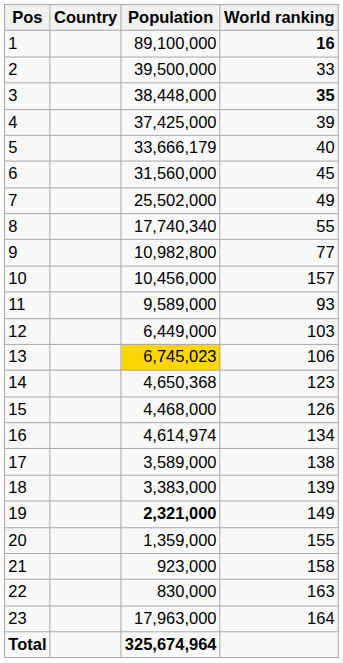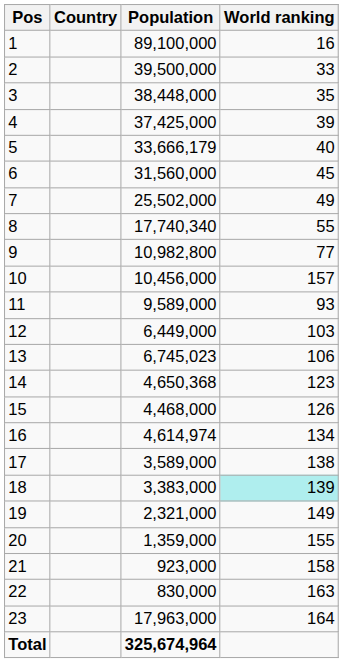 <table class="wikitable sortable" style="text-align:right">
 <tr>
 <th>Pos</th>
 <th>Country</th>
 <th>Population</th>
 <th>World ranking</th>
 </tr>
 <tr>
 <td style="text-align:left;">1</td>
 <td style="text-align:left;"></td>
 <td>89,100,000</td>
-<td style="text-align:right;"><strong>16</strong></td>
+<td style="text-align:right;">16</td>
 </tr>
 <tr>
 <td style="text-align:left;">2</td>
 <td style="text-align:left;"></td>
 <td>39,500,000</td>
 <td style="text-align:right;">33</td>
 </tr>
 <tr>
 <td style="text-align:left;">3</td>
 <td style="text-align:left;"></td>
 <td>38,448,000</td>
-<td style="text-align:right;"><strong>35</strong></td>
+<td style="text-align:right;">35</td>
 </tr>
 <tr>
 <td style="text-align:left;">4</td>
 <td style="text-align:left;"></td>
 <td>37,425,000</td>
 <td style="text-align:right;">39</td>
 </tr>
 <tr>
 <td style="text-align:left;">5</td>
 <td style="text-align:left;"></td>
 <td>33,666,179</td>
 <td style="text-align:right;">40</td>
 </tr>
 <tr>
 <td style="text-align:left;">6</td>
 <td style="text-align:left;"></td>
 <td>31,560,000</td>
 <td style="text-align:right;">45</td>
 </tr>
 <tr>
 <td style="text-align:left;">7</td>
 <td style="text-align:left;"></td>
 <td>25,502,000</td>
 <td style="text-align:right;">49</td>
 </tr>
 <tr>
 <td style="text-align:left;">8</td>
 <td style="text-align:left;"></td>
 <td>17,740,340</td>
 <td style="text-align:right;">55</td>
 </tr>
 <tr>
 <td style="text-align:left;">9</td>
 <td style="text-align:left;"></td>
 <td>10,982,800</td>
 <td style="text-align:right;">77</td>
 </tr>
 <tr>
 <td style="text-align:left;">10</td>
 <td style="text-align:left;"></td>
 <td>10,456,000</td>
 <td style="text-align:right;">157</td>
 </tr>
 <tr>
 <td style="text-align:left;">11</td>
 <td style="text-align:left;"></td>
 <td>9,589,000</td>
 <td style="text-align:right;">93</td>
 </tr>
 <tr>
 <td style="text-align:left;">12</td>
 <td style="text-align:left;"></td>
 <td>6,449,000</td>
 <td style="text-align:right;">103</td>
 </tr>
 <tr>
 <td style="text-align:left;">13</td>
 <td style="text-align:left;"></td>
-<td style="background: gold;">6,745,023</td>
+<td>6,745,023</td>
 <td style="text-align:right;">106</td>
 </tr>
 <tr>
 <td style="text-align:left;">14</td>
 <td style="text-align:left;"></td>
 <td>4,650,368</td>
 <td style="text-align:right;">123</td>
 </tr>
 <tr>
 <td style="text-align:left;">15</td>
 <td style="text-align:left;"></td>
 <td>4,468,000</td>
 <td style="text-align:right;">126</td>
 </tr>
 <tr>
 <td style="text-align:left;">16</td>
 <td style="text-align:left;"></td>
 <td>4,614,974</td>
 <td style="text-align:right;">134</td>
 </tr>
 <tr>
 <td style="text-align:left;">17</td>
 <td style="text-align:left;"></td>
 <td>3,589,000</td>
 <td style="text-align:right;">138</td>
 </tr>
 <tr>
 <td style="text-align:left;">18</td>
 <td style="text-align:left;"></td>
 <td>3,383,000</td>
-<td style="text-align:right;">139</td>
+<td style="background: paleturquoise; text-align:right;">139</td>
 </tr>
 <tr>
 <td style="text-align:left;">19</td>
 <td style="text-align:left;"></td>
-<td><strong>2,321,000</strong></td>
+<td>2,321,000</td>
 <td style="text-align:right;">149</td>
 </tr>
 <tr>
 <td style="text-align:left;">20</td>
 <td style="text-align:left;"></td>
 <td>1,359,000</td>
 <td style="text-align:right;">155</td>
 </tr>
 <tr>
 <td style="text-align:left;">21</td>
 <td style="text-align:left;"></td>
 <td>923,000</td>
 <td style="text-align:right;">158</td>
 </tr>
 <tr>
 <td style="text-align:left;">22</td>
 <td style="text-align:left;"></td>
 <td>830,000</td>
 <td style="text-align:right;">163</td>
 </tr>
 <tr>
 <td style="text-align:left;">23</td>
 <td style="text-align:left;"></td>
 <td>17,963,000</td>
 <td style="text-align:right;">164</td>
 </tr>
 <tr>
 <td style="text-align:left;"><strong>Total</strong></td>
 <td style="text-align:left;"></td>
 <td><strong>325,674,964 </strong></td>
 </tr>
 </table>
